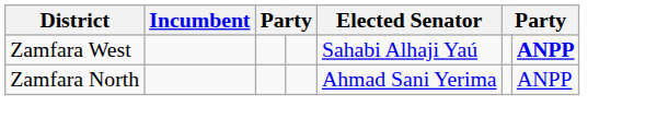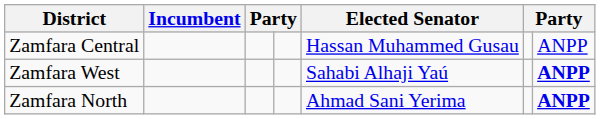 <table class="sortable wikitable" style="font-size:95%;line-height:14px;">
 <tr>
 <th class="unsortable">District</th>
 <th class="unsortable"><a href='#'>Incumbent</a></th>
 <th colspan="2">Party</th>
 <th class="unsortable">Elected Senator</th>
 <th colspan="2">Party</th>
+</tr>
+<tr>
+<td>Zamfara Central</td>
+<td></td>
+<td></td>
+<td></td>
+<td><a href='#'>Hassan Muhammed Gusau</a></td>
+<td style="background:"></td>
+<td><a href='#'>ANPP</a></td>
 </tr>
 <tr>
 <td>Zamfara West</td>
 <td></td>
 <td></td>
 <td></td>
 <td><a href='#'>Sahabi Alhaji Yaú</a></td>
 <td style="background:"></td>
 <td><strong><a href='#'>ANPP</a></strong></td>
 </tr>
 <tr>
 <td>Zamfara North</td>
 <td></td>
 <td></td>
 <td></td>
 <td><a href='#'>Ahmad Sani Yerima</a></td>
 <td style="background:"></td>
-<td><a href='#'>ANPP</a></td>
+<td><strong><a href='#'>ANPP</a></strong></td>
 </tr>
 </table>
